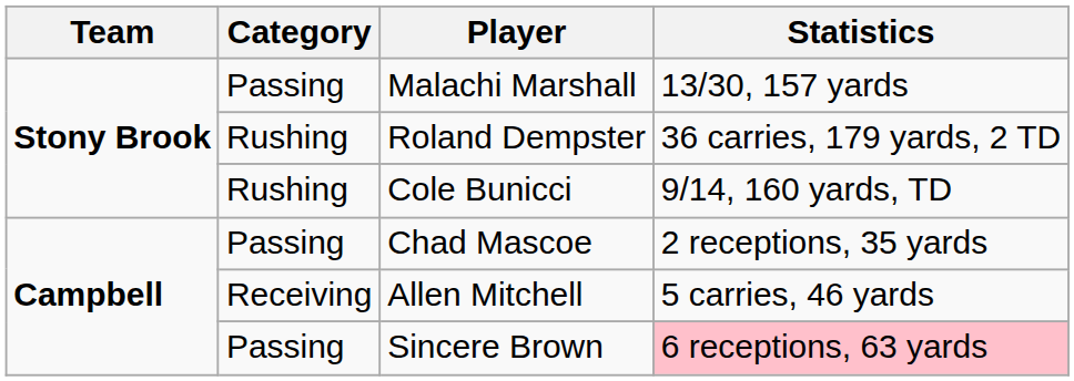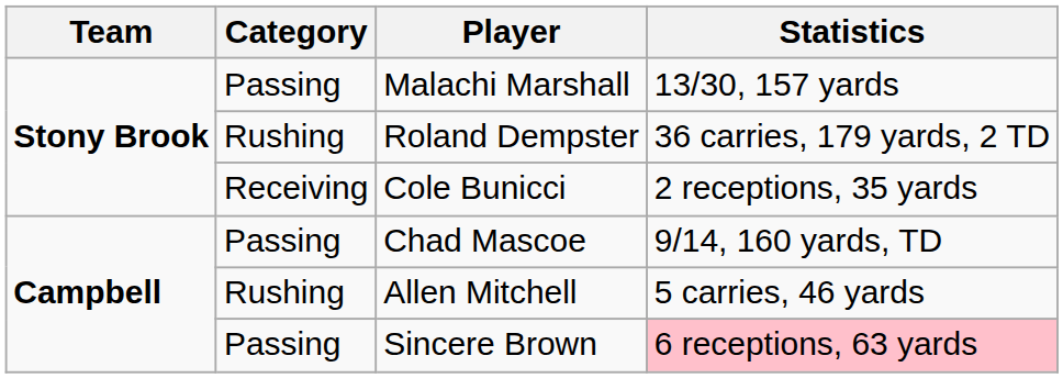 <table class="wikitable" style="float: right;">
 <tr>
 <th>Team</th>
 <th>Category</th>
 <th>Player</th>
 <th>Statistics</th>
 </tr>
 <tr>
 <td rowspan=3><strong>Stony Brook</strong></td>
 <td>Passing</td>
 <td>Malachi Marshall</td>
 <td>13/30, 157 yards</td>
 </tr>
 <tr>
 <td>Rushing</td>
 <td>Roland Dempster</td>
 <td>36 carries, 179 yards, 2 TD</td>
 </tr>
 <tr>
-<td>Rushing</td>
+<td>Receiving</td>
 <td>Cole Bunicci</td>
-<td>9/14, 160 yards, TD</td>
+<td>2 receptions, 35 yards</td>
 </tr>
 <tr>
 <td rowspan=3><strong>Campbell</strong></td>
 <td>Passing</td>
 <td>Chad Mascoe</td>
-<td>2 receptions, 35 yards</td>
+<td>9/14, 160 yards, TD</td>
 </tr>
 <tr>
-<td>Receiving</td>
+<td>Rushing</td>
 <td>Allen Mitchell</td>
 <td>5 carries, 46 yards</td>
 </tr>
 <tr>
 <td>Passing</td>
 <td>Sincere Brown</td>
 <td style="background: pink;">6 receptions, 63 yards</td>
 </tr>
 </table>
